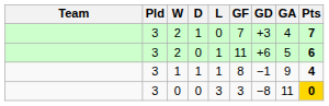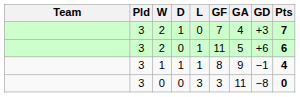 <table class="wikitable" style="text-align: center;">
 <tr>
 <th width=175>Team</th>
 <th width=20>Pld</th>
 <th width=20>W</th>
 <th width=20>D</th>
 <th width=20>L</th>
 <th width=20>GF</th>
+<th width=20>GA</th>
 <th width=20>GD</th>
-<th width=20>GA</th>
 <th width=20>Pts</th>
 </tr>
 <tr bgcolor=ccffcc>
 <td style="text-align:left;"></td>
 <td>3</td>
 <td>2</td>
 <td>1</td>
 <td>0</td>
 <td>7</td>
+<td>4</td>
 <td>+3</td>
-<td>4</td>
 <td><strong>7</strong></td>
 </tr>
 <tr bgcolor=ccffcc>
 <td style="text-align:left;"></td>
 <td>3</td>
 <td>2</td>
 <td>0</td>
 <td>1</td>
 <td>11</td>
+<td>5</td>
 <td>+6</td>
-<td>5</td>
 <td><strong>6</strong></td>
 </tr>
 <tr>
 <td style="text-align:left;"></td>
 <td>3</td>
 <td>1</td>
 <td>1</td>
 <td>1</td>
 <td>8</td>
+<td>9</td>
 <td>−1</td>
-<td>9</td>
 <td><strong>4</strong></td>
 </tr>
 <tr>
 <td style="text-align:left;"></td>
 <td>3</td>
 <td>0</td>
 <td>0</td>
 <td>3</td>
 <td>3</td>
+<td>11</td>
 <td>−8</td>
-<td>11</td>
-<td style="background: gold;"><strong>0</strong></td>
+<td><strong>0</strong></td>
 </tr>
 </table>
